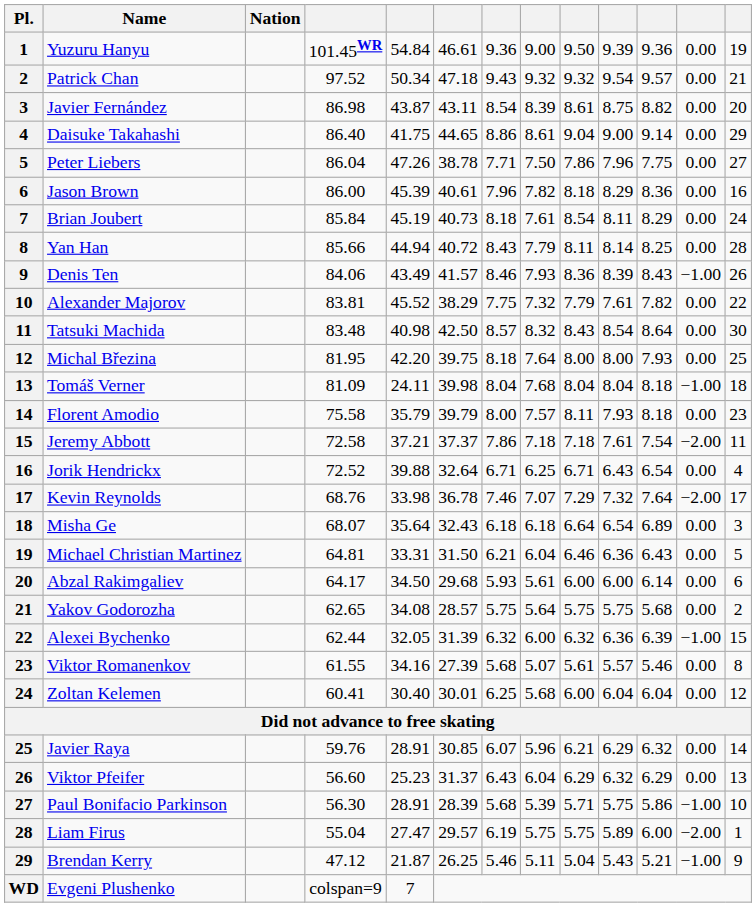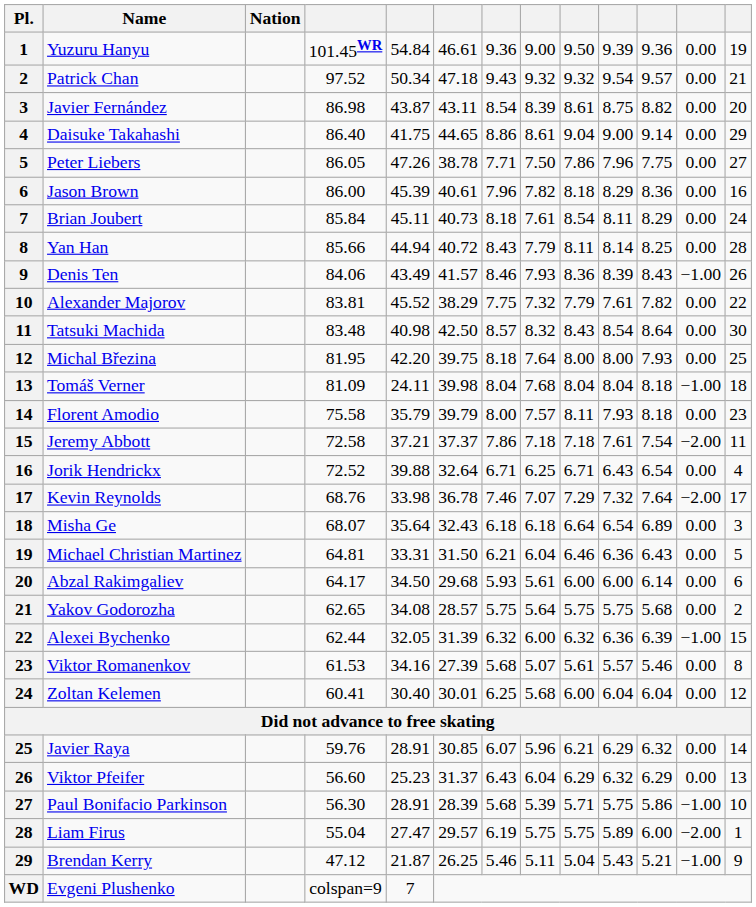 <table class="wikitable sortable" style="text-align:center">
 <tr>
 <th>Pl.</th>
 <th>Name</th>
 <th>Nation</th>
 <th></th>
 <th></th>
 <th></th>
 <th></th>
 <th></th>
 <th></th>
 <th></th>
 <th></th>
 <th></th>
 <th></th>
 </tr>
 <tr>
 <th>1</th>
 <td align=left><a href='#'>Yuzuru Hanyu</a></td>
 <td align=left><br></td>
 <td>101.45<sup><strong><a href='#'>WR</a></strong></sup></td>
 <td>54.84</td>
 <td>46.61</td>
 <td>9.36</td>
 <td>9.00</td>
 <td>9.50</td>
 <td>9.39</td>
 <td>9.36</td>
 <td>0.00</td>
 <td>19</td>
 </tr>
 <tr>
 <th>2</th>
 <td align=left><a href='#'>Patrick Chan</a></td>
 <td align=left><br></td>
 <td>97.52</td>
 <td>50.34</td>
 <td>47.18</td>
 <td>9.43</td>
 <td>9.32</td>
 <td>9.32</td>
 <td>9.54</td>
 <td>9.57</td>
 <td>0.00</td>
 <td>21</td>
 </tr>
 <tr>
 <th>3</th>
 <td align=left><a href='#'>Javier Fernández</a></td>
 <td align=left><br></td>
 <td>86.98</td>
 <td>43.87</td>
 <td>43.11</td>
 <td>8.54</td>
 <td>8.39</td>
 <td>8.61</td>
 <td>8.75</td>
 <td>8.82</td>
 <td>0.00</td>
 <td>20</td>
 </tr>
 <tr>
 <th>4</th>
 <td align=left><a href='#'>Daisuke Takahashi</a></td>
 <td align=left><br></td>
 <td>86.40</td>
 <td>41.75</td>
 <td>44.65</td>
 <td>8.86</td>
 <td>8.61</td>
 <td>9.04</td>
 <td>9.00</td>
 <td>9.14</td>
 <td>0.00</td>
 <td>29</td>
 </tr>
 <tr>
 <th>5</th>
 <td align=left><a href='#'>Peter Liebers</a></td>
 <td align=left><br></td>
-<td>86.04</td>
+<td>86.05</td>
 <td>47.26</td>
 <td>38.78</td>
 <td>7.71</td>
 <td>7.50</td>
 <td>7.86</td>
 <td>7.96</td>
 <td>7.75</td>
 <td>0.00</td>
 <td>27</td>
 </tr>
 <tr>
 <th>6</th>
 <td align=left><a href='#'>Jason Brown</a></td>
 <td align=left><br></td>
 <td>86.00</td>
 <td>45.39</td>
 <td>40.61</td>
 <td>7.96</td>
 <td>7.82</td>
 <td>8.18</td>
 <td>8.29</td>
 <td>8.36</td>
 <td>0.00</td>
 <td>16</td>
 </tr>
 <tr>
 <th>7</th>
 <td align=left><a href='#'>Brian Joubert</a></td>
 <td align=left><br></td>
 <td>85.84</td>
-<td>45.19</td>
+<td>45.11</td>
 <td>40.73</td>
 <td>8.18</td>
 <td>7.61</td>
 <td>8.54</td>
 <td>8.11</td>
 <td>8.29</td>
 <td>0.00</td>
 <td>24</td>
 </tr>
 <tr>
 <th>8</th>
 <td align=left><a href='#'>Yan Han</a></td>
 <td align=left><br></td>
 <td>85.66</td>
 <td>44.94</td>
 <td>40.72</td>
 <td>8.43</td>
 <td>7.79</td>
 <td>8.11</td>
 <td>8.14</td>
 <td>8.25</td>
 <td>0.00</td>
 <td>28</td>
 </tr>
 <tr>
 <th>9</th>
 <td align=left><a href='#'>Denis Ten</a></td>
 <td align=left><br></td>
 <td>84.06</td>
 <td>43.49</td>
 <td>41.57</td>
 <td>8.46</td>
 <td>7.93</td>
 <td>8.36</td>
 <td>8.39</td>
 <td>8.43</td>
 <td>−1.00</td>
 <td>26</td>
 </tr>
 <tr>
 <th>10</th>
 <td align=left><a href='#'>Alexander Majorov</a></td>
 <td align=left><br></td>
 <td>83.81</td>
 <td>45.52</td>
 <td>38.29</td>
 <td>7.75</td>
 <td>7.32</td>
 <td>7.79</td>
 <td>7.61</td>
 <td>7.82</td>
 <td>0.00</td>
 <td>22</td>
 </tr>
 <tr>
 <th>11</th>
 <td align=left><a href='#'>Tatsuki Machida</a></td>
 <td align=left><br></td>
 <td>83.48</td>
 <td>40.98</td>
 <td>42.50</td>
 <td>8.57</td>
 <td>8.32</td>
 <td>8.43</td>
 <td>8.54</td>
 <td>8.64</td>
 <td>0.00</td>
 <td>30</td>
 </tr>
 <tr>
 <th>12</th>
 <td align=left><a href='#'>Michal Březina</a></td>
 <td align=left><br></td>
 <td>81.95</td>
 <td>42.20</td>
 <td>39.75</td>
 <td>8.18</td>
 <td>7.64</td>
 <td>8.00</td>
 <td>8.00</td>
 <td>7.93</td>
 <td>0.00</td>
 <td>25</td>
 </tr>
 <tr>
 <th>13</th>
 <td align=left><a href='#'>Tomáš Verner</a></td>
 <td align=left><br></td>
 <td>81.09</td>
 <td>24.11</td>
 <td>39.98</td>
 <td>8.04</td>
 <td>7.68</td>
 <td>8.04</td>
 <td>8.04</td>
 <td>8.18</td>
 <td>−1.00</td>
 <td>18</td>
 </tr>
 <tr>
 <th>14</th>
 <td align=left><a href='#'>Florent Amodio</a></td>
 <td align=left><br></td>
 <td>75.58</td>
 <td>35.79</td>
 <td>39.79</td>
 <td>8.00</td>
 <td>7.57</td>
 <td>8.11</td>
 <td>7.93</td>
 <td>8.18</td>
 <td>0.00</td>
 <td>23</td>
 </tr>
 <tr>
 <th>15</th>
 <td align=left><a href='#'>Jeremy Abbott</a></td>
 <td align=left></td>
 <td>72.58</td>
 <td>37.21</td>
 <td>37.37</td>
 <td>7.86</td>
 <td>7.18</td>
 <td>7.18</td>
 <td>7.61</td>
 <td>7.54</td>
 <td>−2.00</td>
 <td>11</td>
 </tr>
 <tr>
 <th>16</th>
 <td align=left><a href='#'>Jorik Hendrickx</a></td>
 <td align=left></td>
 <td>72.52</td>
 <td>39.88</td>
 <td>32.64</td>
 <td>6.71</td>
 <td>6.25</td>
 <td>6.71</td>
 <td>6.43</td>
 <td>6.54</td>
 <td>0.00</td>
 <td>4</td>
 </tr>
 <tr>
 <th>17</th>
 <td align=left><a href='#'>Kevin Reynolds</a></td>
 <td align=left><br></td>
 <td>68.76</td>
 <td>33.98</td>
 <td>36.78</td>
 <td>7.46</td>
 <td>7.07</td>
 <td>7.29</td>
 <td>7.32</td>
 <td>7.64</td>
 <td>−2.00</td>
 <td>17</td>
 </tr>
 <tr>
 <th>18</th>
 <td align=left><a href='#'>Misha Ge</a></td>
 <td align=left></td>
 <td>68.07</td>
 <td>35.64</td>
 <td>32.43</td>
 <td>6.18</td>
 <td>6.18</td>
 <td>6.64</td>
 <td>6.54</td>
 <td>6.89</td>
 <td>0.00</td>
 <td>3</td>
 </tr>
 <tr>
 <th>19</th>
 <td align=left><a href='#'>Michael Christian Martinez</a></td>
 <td align=left></td>
 <td>64.81</td>
 <td>33.31</td>
 <td>31.50</td>
 <td>6.21</td>
 <td>6.04</td>
 <td>6.46</td>
 <td>6.36</td>
 <td>6.43</td>
 <td>0.00</td>
 <td>5</td>
 </tr>
 <tr>
 <th>20</th>
 <td align=left><a href='#'>Abzal Rakimgaliev</a></td>
 <td align=left></td>
 <td>64.17</td>
 <td>34.50</td>
 <td>29.68</td>
 <td>5.93</td>
 <td>5.61</td>
 <td>6.00</td>
 <td>6.00</td>
 <td>6.14</td>
 <td>0.00</td>
 <td>6</td>
 </tr>
 <tr>
 <th>21</th>
 <td align=left><a href='#'>Yakov Godorozha</a></td>
 <td align=left></td>
 <td>62.65</td>
 <td>34.08</td>
 <td>28.57</td>
 <td>5.75</td>
 <td>5.64</td>
 <td>5.75</td>
 <td>5.75</td>
 <td>5.68</td>
 <td>0.00</td>
 <td>2</td>
 </tr>
 <tr>
 <th>22</th>
 <td align=left><a href='#'>Alexei Bychenko</a></td>
 <td align=left><br></td>
 <td>62.44</td>
 <td>32.05</td>
 <td>31.39</td>
 <td>6.32</td>
 <td>6.00</td>
 <td>6.32</td>
 <td>6.36</td>
 <td>6.39</td>
 <td>−1.00</td>
 <td>15</td>
 </tr>
 <tr>
 <th>23</th>
 <td align=left><a href='#'>Viktor Romanenkov</a></td>
 <td align=left></td>
-<td>61.55</td>
+<td>61.53</td>
 <td>34.16</td>
 <td>27.39</td>
 <td>5.68</td>
 <td>5.07</td>
 <td>5.61</td>
 <td>5.57</td>
 <td>5.46</td>
 <td>0.00</td>
 <td>8</td>
 </tr>
 <tr>
 <th>24</th>
 <td align=left><a href='#'>Zoltan Kelemen</a></td>
 <td align=left></td>
 <td>60.41</td>
 <td>30.40</td>
 <td>30.01</td>
 <td>6.25</td>
 <td>5.68</td>
 <td>6.00</td>
 <td>6.04</td>
 <td>6.04</td>
 <td>0.00</td>
 <td>12</td>
 </tr>
 <tr>
 <th colspan=13>Did not advance to free skating</th>
 </tr>
 <tr>
 <th>25</th>
 <td align=left><a href='#'>Javier Raya</a></td>
 <td align=left><br></td>
 <td>59.76</td>
 <td>28.91</td>
 <td>30.85</td>
 <td>6.07</td>
 <td>5.96</td>
 <td>6.21</td>
 <td>6.29</td>
 <td>6.32</td>
 <td>0.00</td>
 <td>14</td>
 </tr>
 <tr>
 <th>26</th>
 <td align=left><a href='#'>Viktor Pfeifer</a></td>
 <td align=left><br></td>
 <td>56.60</td>
 <td>25.23</td>
 <td>31.37</td>
 <td>6.43</td>
 <td>6.04</td>
 <td>6.29</td>
 <td>6.32</td>
 <td>6.29</td>
 <td>0.00</td>
 <td>13</td>
 </tr>
 <tr>
 <th>27</th>
 <td align=left><a href='#'>Paul Bonifacio Parkinson</a></td>
 <td align=left></td>
 <td>56.30</td>
 <td>28.91</td>
 <td>28.39</td>
 <td>5.68</td>
 <td>5.39</td>
 <td>5.71</td>
 <td>5.75</td>
 <td>5.86</td>
 <td>−1.00</td>
 <td>10</td>
 </tr>
 <tr>
 <th>28</th>
 <td align=left><a href='#'>Liam Firus</a></td>
 <td align=left></td>
 <td>55.04</td>
 <td>27.47</td>
 <td>29.57</td>
 <td>6.19</td>
 <td>5.75</td>
 <td>5.75</td>
 <td>5.89</td>
 <td>6.00</td>
 <td>−2.00</td>
 <td>1</td>
 </tr>
 <tr>
 <th>29</th>
 <td align=left><a href='#'>Brendan Kerry</a></td>
 <td align=left></td>
 <td>47.12</td>
 <td>21.87</td>
 <td>26.25</td>
 <td>5.46</td>
 <td>5.11</td>
 <td>5.04</td>
 <td>5.43</td>
 <td>5.21</td>
 <td>−1.00</td>
 <td>9</td>
 </tr>
 <tr>
 <th>WD</th>
 <td align=left><a href='#'>Evgeni Plushenko</a></td>
 <td align=left><br></td>
 <td>colspan=9 </td>
 <td>7</td>
 </tr>
 </table>
